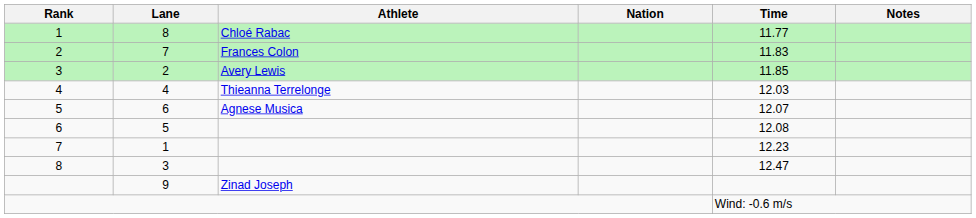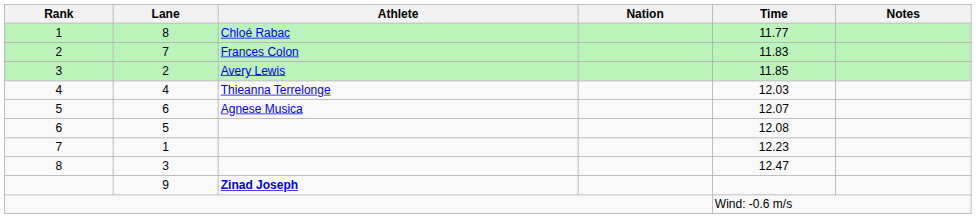 <table class="wikitable sortable" style="text-align:center;width: 65%;">
 <tr>
 <th scope="col">Rank</th>
 <th scope="col">Lane</th>
 <th scope="col">Athlete</th>
 <th scope="col">Nation</th>
 <th scope="col">Time</th>
 <th scope="col">Notes</th>
 </tr>
 <tr bgcolor=bbf3bb>
 <td>1</td>
 <td>8</td>
 <td align=left><a href='#'>Chloé Rabac</a></td>
 <td align=left></td>
 <td>11.77</td>
 <td></td>
 </tr>
 <tr bgcolor=bbf3bb>
 <td>2</td>
 <td>7</td>
 <td align=left><a href='#'>Frances Colon</a></td>
 <td align=left></td>
 <td>11.83</td>
 <td></td>
 </tr>
 <tr bgcolor=bbf3bb>
 <td>3</td>
 <td>2</td>
 <td align=left><a href='#'>Avery Lewis</a></td>
 <td align=left></td>
 <td>11.85</td>
 <td></td>
 </tr>
 <tr>
 <td>4</td>
 <td>4</td>
 <td align=left><a href='#'>Thieanna Terrelonge</a></td>
 <td align=left></td>
 <td>12.03</td>
 <td></td>
 </tr>
 <tr>
 <td>5</td>
 <td>6</td>
 <td align=left><a href='#'>Agnese Musica</a></td>
 <td align=left></td>
 <td>12.07</td>
 <td></td>
 </tr>
 <tr>
 <td>6</td>
 <td>5</td>
 <td align=left></td>
 <td align=left></td>
 <td>12.08</td>
 <td></td>
 </tr>
 <tr>
 <td>7</td>
 <td>1</td>
 <td align=left></td>
 <td align=left></td>
 <td>12.23</td>
 <td></td>
 </tr>
 <tr>
 <td>8</td>
 <td>3</td>
 <td align=left></td>
 <td align=left></td>
 <td>12.47</td>
 <td></td>
 </tr>
 <tr>
 <td></td>
 <td>9</td>
-<td align=left><a href='#'>Zinad Joseph</a></td>
+<td align=left><strong><a href='#'>Zinad Joseph</a></strong></td>
 <td align=left></td>
 <td></td>
 <td></td>
 </tr>
 <tr class="sortbottom">
 <td colspan="4"></td>
 <td colspan="2" style="text-align:left;">Wind: -0.6 m/s</td>
 </tr>
 </table>
